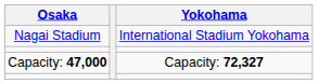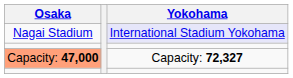 <table class="wikitable" style="text-align:center">
 <tr>
 <th><a href='#'>Osaka</a></th>
 <th rowspan=5></th>
 <th><a href='#'>Yokohama</a></th>
 </tr>
 <tr>
 <td><a href='#'>Nagai Stadium</a></td>
-<td><a href='#'>International Stadium Yokohama</a></td>
+<td style="background: lavender;"><a href='#'>International Stadium Yokohama</a></td>
 </tr>
 <tr>
 <td><small></small></td>
 <td><small></small></td>
 </tr>
 <tr>
-<td>Capacity: <strong>47,000</strong></td>
+<td style="background: lightsalmon;">Capacity: <strong>47,000</strong></td>
 <td>Capacity: <strong>72,327</strong></td>
 </tr>
 <tr>
 <td></td>
 <td></td>
 </tr>
 </table>
